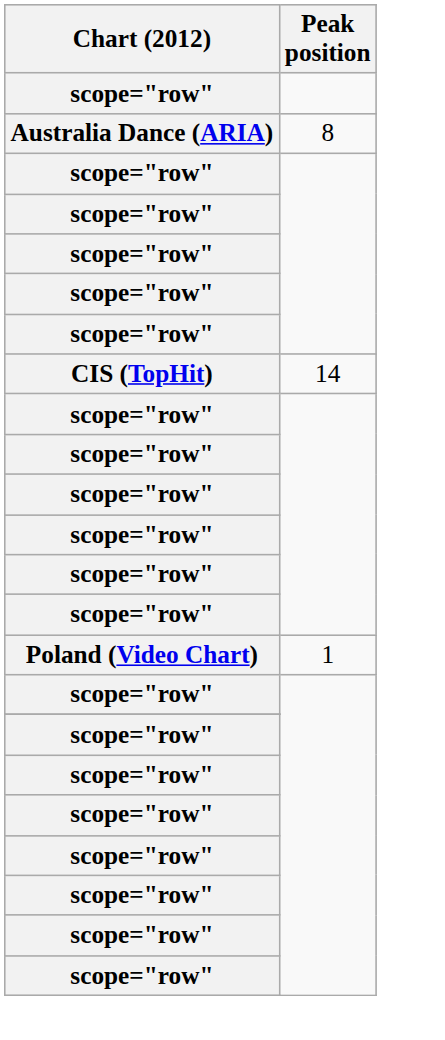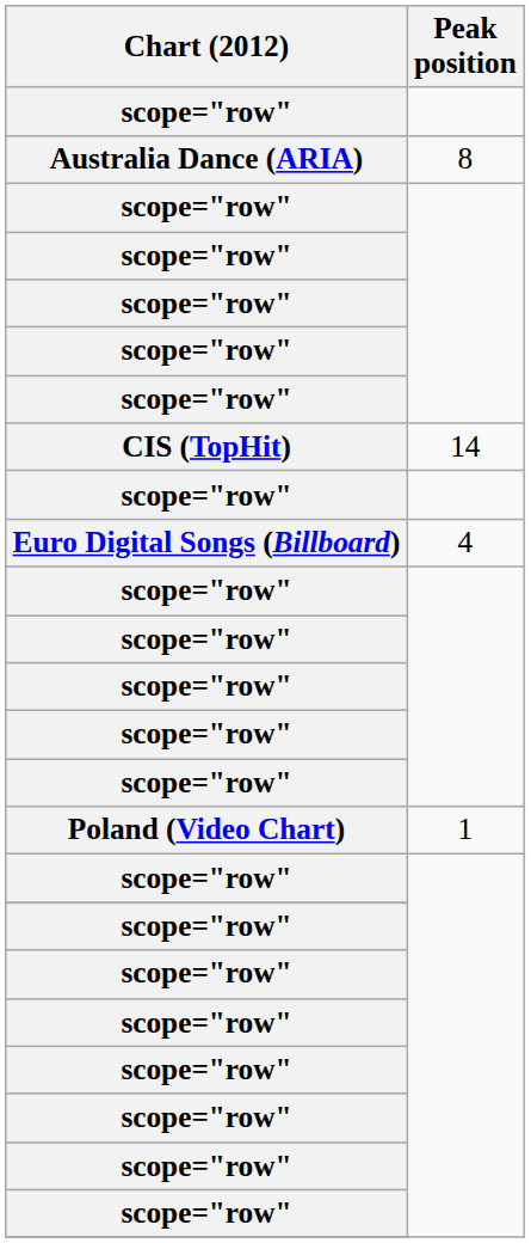 <table class="wikitable sortable plainrowheaders">
 <tr>
 <th>Chart (2012)</th>
 <th>Peak<br>position</th>
 </tr>
 <tr>
 <th>scope="row"</th>
 </tr>
 <tr>
 <th scope="row">Australia Dance (<a href='#'>ARIA</a>)</th>
 <td align=center>8</td>
 </tr>
 <tr>
 <th>scope="row"</th>
 </tr>
 <tr>
 <th>scope="row"</th>
 </tr>
 <tr>
 <th>scope="row"</th>
 </tr>
 <tr>
 <th>scope="row"</th>
 </tr>
 <tr>
 <th>scope="row"</th>
 </tr>
 <tr>
 <th scope="row">CIS (<a href='#'>TopHit</a>)</th>
 <td style="text-align:center;">14</td>
 </tr>
 <tr>
 <th>scope="row"</th>
+</tr>
+<tr>
+<th scope="row"><a href='#'>Euro Digital Songs</a> (<em><a href='#'>Billboard</a></em>)</th>
+<td style="text-align:center;">4</td>
 </tr>
 <tr>
 <th>scope="row"</th>
 </tr>
 <tr>
 <th>scope="row"</th>
 </tr>
 <tr>
 <th>scope="row"</th>
 </tr>
 <tr>
 <th>scope="row"</th>
 </tr>
 <tr>
 <th>scope="row"</th>
 </tr>
 <tr>
 <th scope="row">Poland (<a href='#'>Video Chart</a>)</th>
 <td align=center>1</td>
 </tr>
 <tr>
 <th>scope="row"</th>
 </tr>
 <tr>
 </tr>
 <tr>
 <th>scope="row"</th>
 </tr>
 <tr>
 <th>scope="row"</th>
 </tr>
 <tr>
 <th>scope="row"</th>
 </tr>
 <tr>
 <th>scope="row"</th>
 </tr>
 <tr>
 <th>scope="row"</th>
 </tr>
 <tr>
 <th>scope="row"</th>
 </tr>
 <tr>
 <th>scope="row"</th>
 </tr>
 <tr>
 </tr>
 </table>
